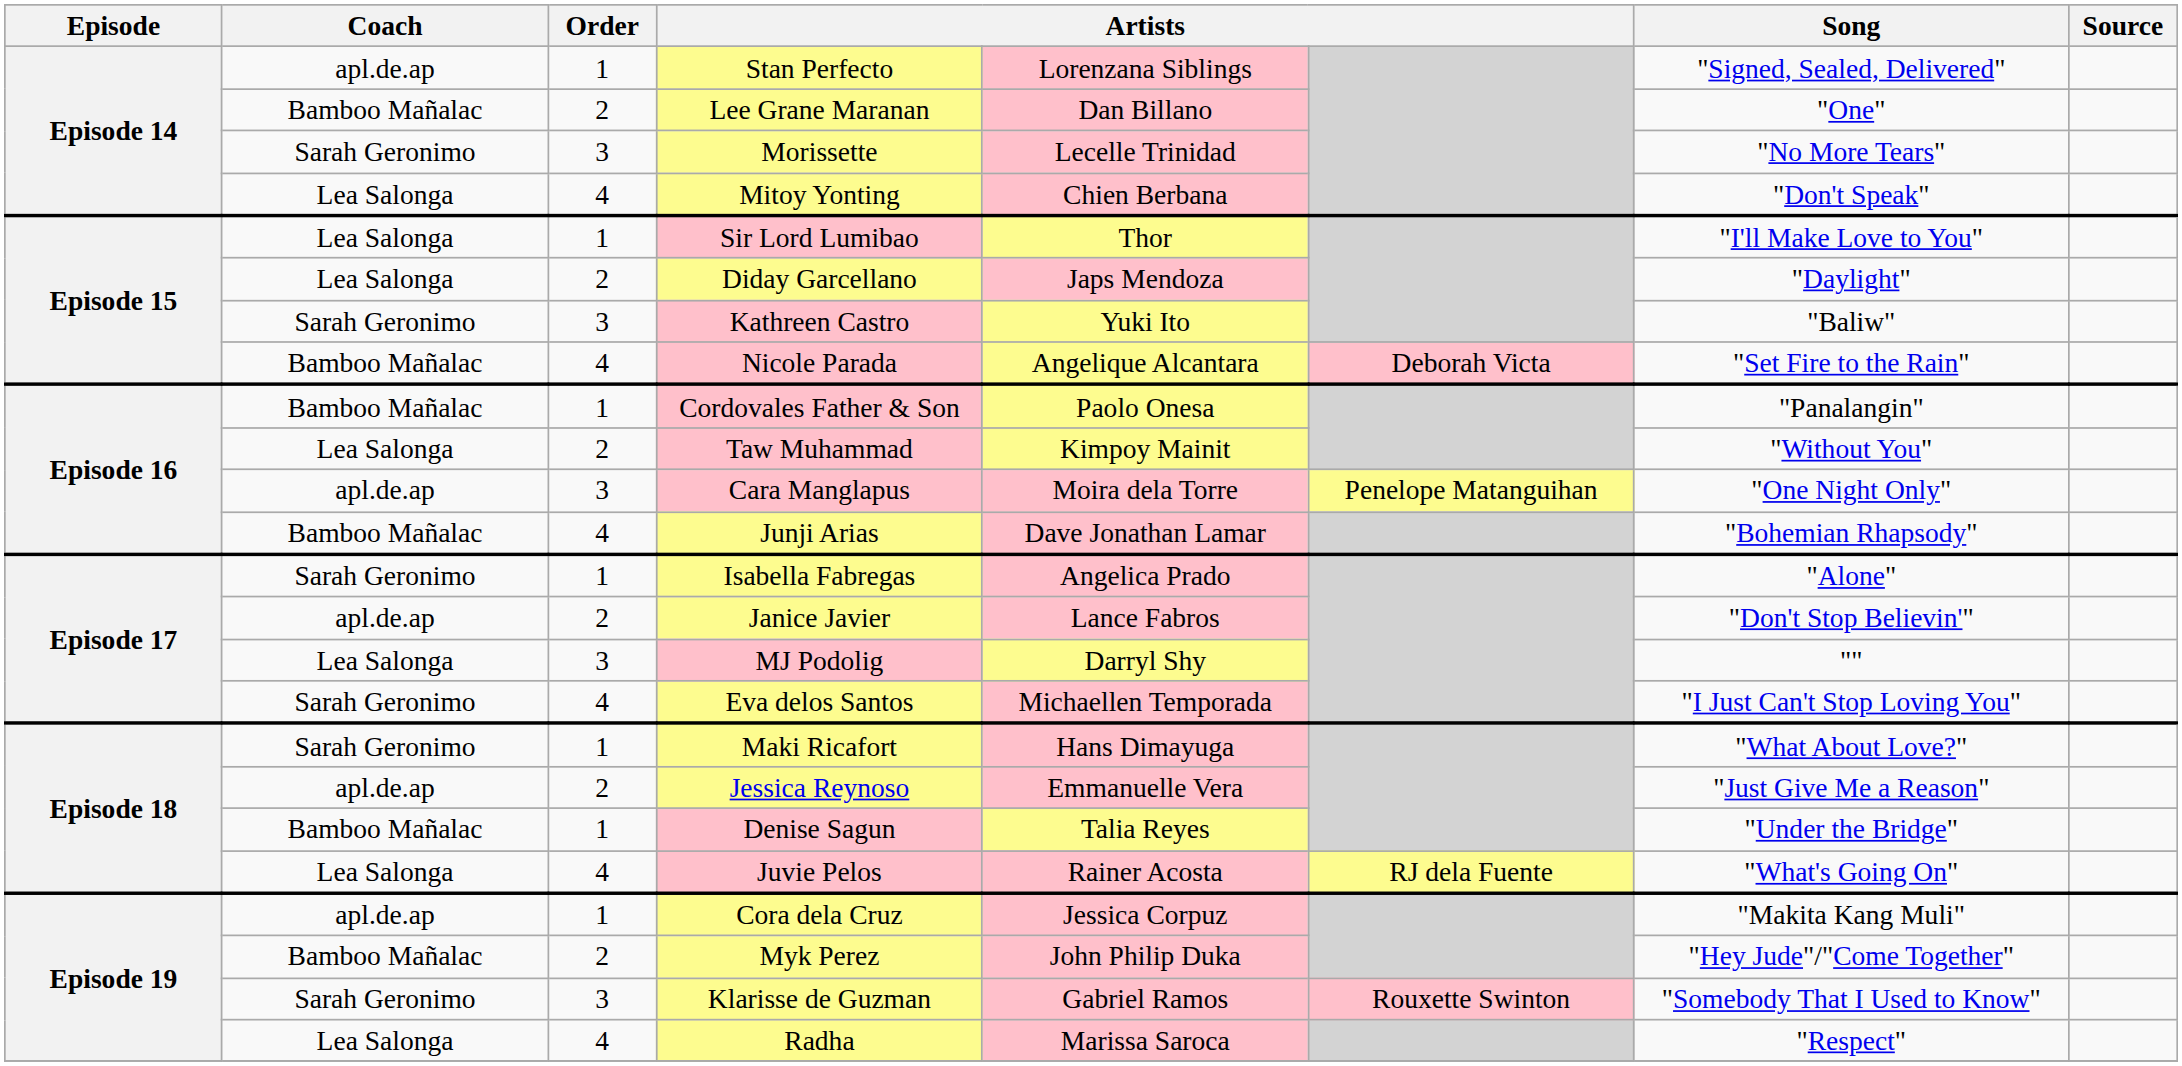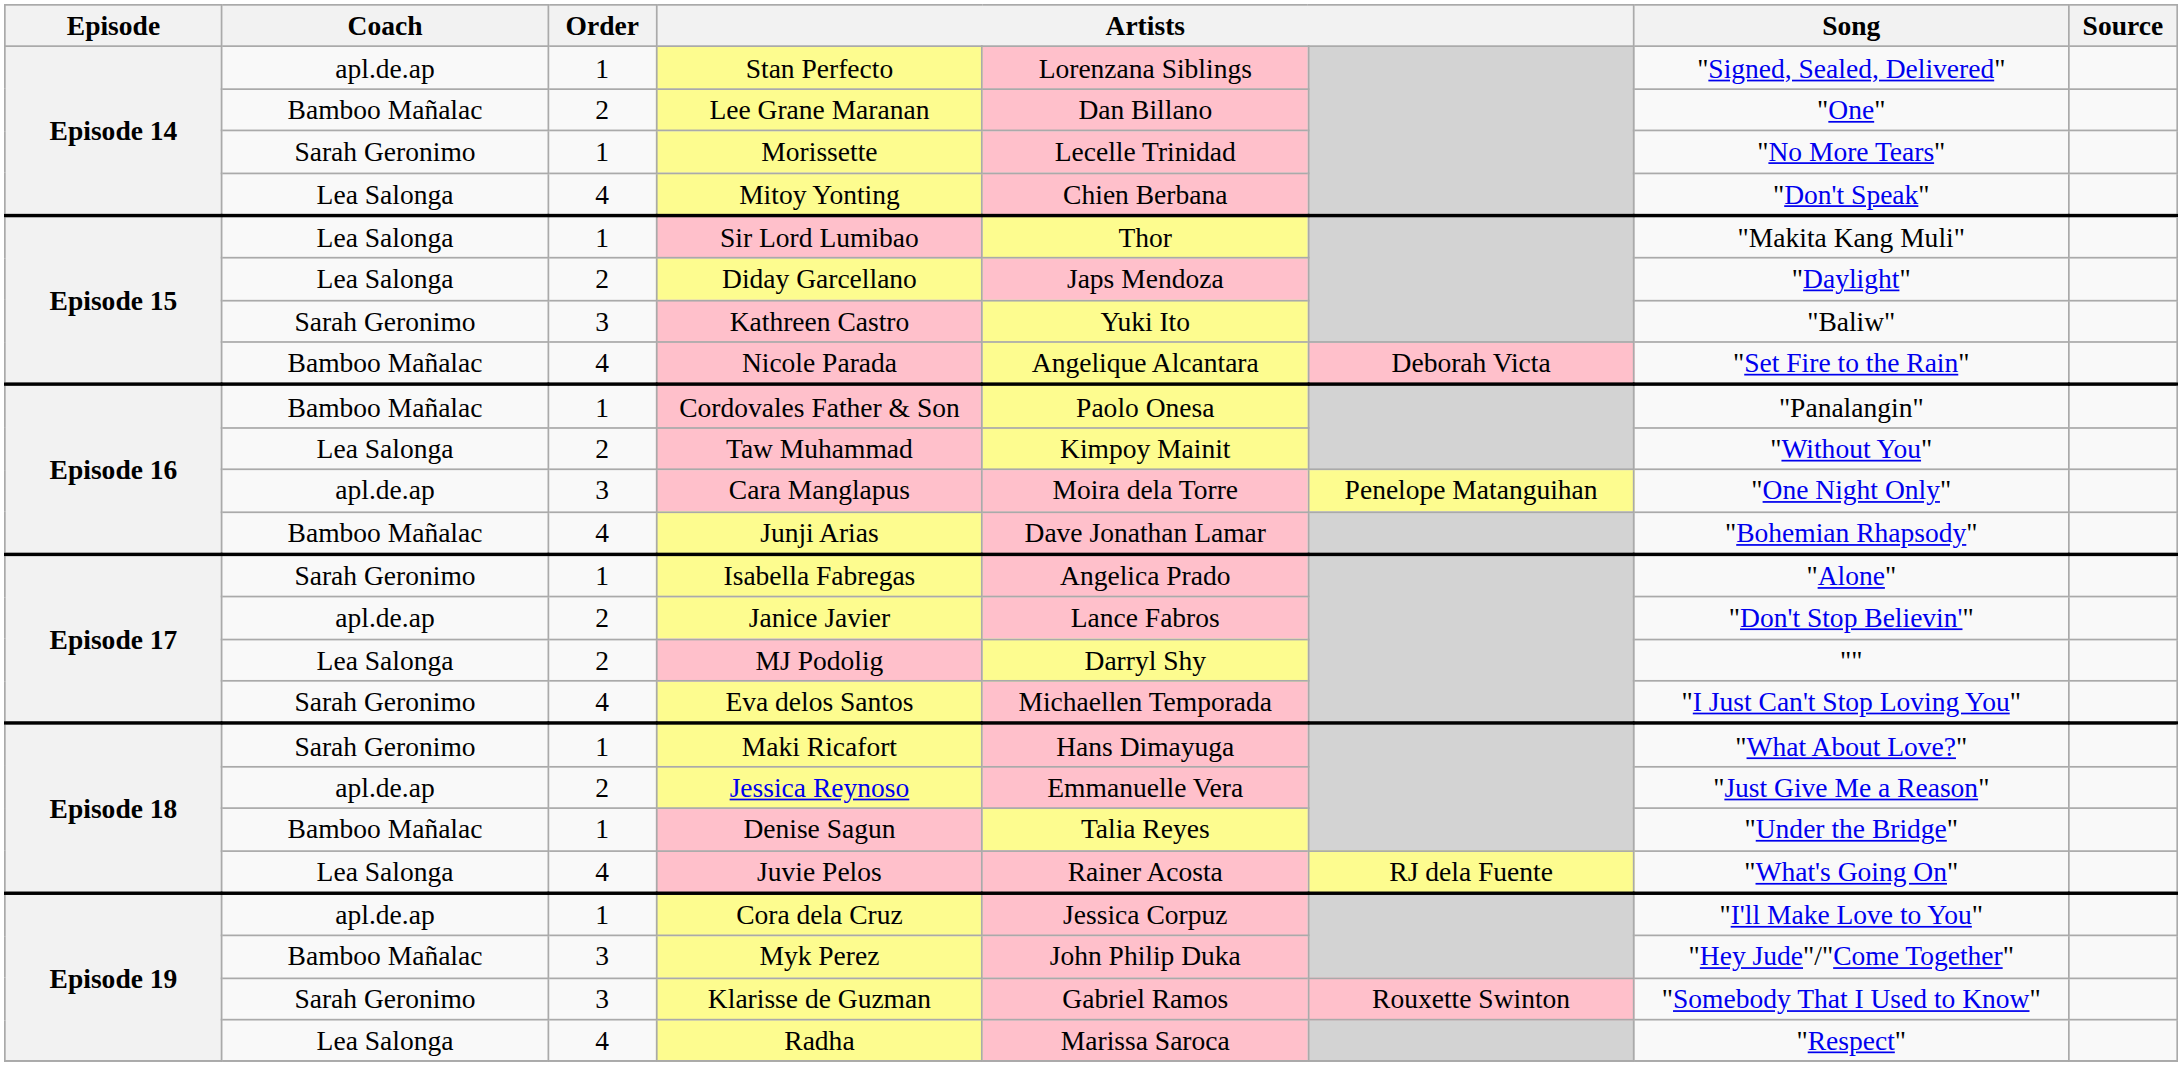 <table class="wikitable" style="text-align:center; line-height:17px; width:100%;">
 <tr>
 <th width="10%">Episode</th>
 <th width="15%">Coach</th>
 <th width="05%">Order</th>
 <th colspan="3" width="45%">Artists</th>
 <th width="20%">Song</th>
 <th width="05%">Source</th>
 </tr>
 <tr>
 <th rowspan="4">Episode 14<br><small></small></th>
 <td>apl.de.ap</td>
 <td>1</td>
 <td style="width:15%; background:#fdfc8f;">Stan Perfecto</td>
 <td style="width:15%; background:pink;">Lorenzana Siblings</td>
 <td rowspan="4" style="background:lightgrey;"></td>
 <td>"<a href='#'>Signed, Sealed, Delivered</a>"</td>
 <td></td>
 </tr>
 <tr>
 <td>Bamboo Mañalac</td>
 <td>2</td>
 <td style="background:#fdfc8f;">Lee Grane Maranan</td>
 <td style="background:pink;">Dan Billano</td>
 <td>"<a href='#'>One</a>"</td>
 <td></td>
 </tr>
 <tr>
 <td>Sarah Geronimo</td>
-<td>3</td>
+<td>1</td>
 <td style="background:#fdfc8f;">Morissette</td>
 <td style="background:pink;">Lecelle Trinidad</td>
 <td>"<a href='#'>No More Tears</a>"</td>
 <td></td>
 </tr>
 <tr>
 <td>Lea Salonga</td>
 <td>4</td>
 <td style="background:#fdfc8f;">Mitoy Yonting</td>
 <td style="background:pink;">Chien Berbana</td>
 <td>"<a href='#'>Don't Speak</a>"</td>
 <td></td>
 </tr>
 <tr style="border-top: 2px solid;”">
 <th rowspan="4">Episode 15<br><small></small></th>
 <td>Lea Salonga</td>
 <td>1</td>
 <td style="background:pink;">Sir Lord Lumibao</td>
 <td style="background:#fdfc8f;">Thor</td>
 <td rowspan="3" style="background:lightgrey;"></td>
-<td>"<a href='#'>I'll Make Love to You</a>"</td>
+<td>"Makita Kang Muli"</td>
 <td></td>
 </tr>
 <tr>
 <td>Lea Salonga</td>
 <td>2</td>
 <td style="background:#fdfc8f;">Diday Garcellano</td>
 <td style="background:pink;">Japs Mendoza</td>
 <td>"<a href='#'>Daylight</a>"</td>
 <td></td>
 </tr>
 <tr>
 <td>Sarah Geronimo</td>
 <td>3</td>
 <td style="background:pink;">Kathreen Castro</td>
 <td style="background:#fdfc8f;">Yuki Ito</td>
 <td>"Baliw"</td>
 <td></td>
 </tr>
 <tr>
 <td>Bamboo Mañalac</td>
 <td>4</td>
 <td style="background:pink;">Nicole Parada</td>
 <td style="background:#fdfc8f;">Angelique Alcantara</td>
 <td style="background:pink;">Deborah Victa</td>
 <td>"<a href='#'>Set Fire to the Rain</a>"</td>
 <td></td>
 </tr>
 <tr style="border-top: 2px solid;”">
 <th rowspan="4">Episode 16<br><small></small></th>
 <td>Bamboo Mañalac</td>
 <td>1</td>
 <td style="background:pink;">Cordovales Father & Son</td>
 <td style="background:#fdfc8f;">Paolo Onesa</td>
 <td rowspan="2" style="background:lightgrey;"></td>
 <td>"Panalangin"</td>
 <td></td>
 </tr>
 <tr>
 <td>Lea Salonga</td>
 <td>2</td>
 <td style="background:pink;">Taw Muhammad</td>
 <td style="background:#fdfc8f;">Kimpoy Mainit</td>
 <td>"<a href='#'>Without You</a>"</td>
 <td></td>
 </tr>
 <tr>
 <td>apl.de.ap</td>
 <td>3</td>
 <td style="background:pink;">Cara Manglapus</td>
 <td style="background:pink;">Moira dela Torre</td>
 <td style="background:#fdfc8f;">Penelope Matanguihan</td>
 <td>"<a href='#'>One Night Only</a>"</td>
 <td></td>
 </tr>
 <tr>
 <td>Bamboo Mañalac</td>
 <td>4</td>
 <td style="background:#fdfc8f;">Junji Arias</td>
 <td style="background:pink;">Dave Jonathan Lamar</td>
 <td style="background:lightgrey;"></td>
 <td>"<a href='#'>Bohemian Rhapsody</a>"</td>
 <td></td>
 </tr>
 <tr style="border-top: 2px solid;”">
 <th rowspan="4">Episode 17<br><small></small></th>
 <td>Sarah Geronimo</td>
 <td>1</td>
 <td style="background:#fdfc8f;">Isabella Fabregas</td>
 <td style="background:pink;">Angelica Prado</td>
 <td rowspan="4" style="background:lightgrey;"></td>
 <td>"<a href='#'>Alone</a>"</td>
 <td></td>
 </tr>
 <tr>
 <td>apl.de.ap</td>
 <td>2</td>
 <td style="background:#fdfc8f;">Janice Javier</td>
 <td style="background:pink;">Lance Fabros</td>
 <td>"<a href='#'>Don't Stop Believin'</a>"</td>
 <td></td>
 </tr>
 <tr>
 <td>Lea Salonga</td>
-<td>3</td>
+<td>2</td>
 <td style="background:pink;">MJ Podolig</td>
 <td style="background:#fdfc8f;">Darryl Shy</td>
 <td>""</td>
 <td></td>
 </tr>
 <tr>
 <td>Sarah Geronimo</td>
 <td>4</td>
 <td style="background:#fdfc8f;">Eva delos Santos</td>
 <td style="background:pink;">Michaellen Temporada</td>
 <td>"<a href='#'>I Just Can't Stop Loving You</a>"</td>
 <td></td>
 </tr>
 <tr style="border-top: 2px solid;”">
 <th rowspan="4">Episode 18<br><small></small></th>
 <td>Sarah Geronimo</td>
 <td>1</td>
 <td style="background:#fdfc8f;">Maki Ricafort</td>
 <td style="background:pink;">Hans Dimayuga</td>
 <td rowspan="3" style="background:lightgrey;"></td>
 <td>"<a href='#'>What About Love?</a>"</td>
 <td></td>
 </tr>
 <tr>
 <td>apl.de.ap</td>
 <td>2</td>
 <td style="background:#fdfc8f;"><a href='#'>Jessica Reynoso</a></td>
 <td style="background:pink;">Emmanuelle Vera</td>
 <td>"<a href='#'>Just Give Me a Reason</a>"</td>
 <td></td>
 </tr>
 <tr>
 <td>Bamboo Mañalac</td>
 <td>1</td>
 <td style="background:pink;">Denise Sagun</td>
 <td style="background:#fdfc8f;">Talia Reyes</td>
 <td>"<a href='#'>Under the Bridge</a>"</td>
 <td></td>
 </tr>
 <tr>
 <td>Lea Salonga</td>
 <td>4</td>
 <td style="background:pink;">Juvie Pelos</td>
 <td style="background:pink;">Rainer Acosta</td>
 <td style="background:#fdfc8f;">RJ dela Fuente</td>
 <td>"<a href='#'>What's Going On</a>"</td>
 <td></td>
 </tr>
 <tr style="border-top: 2px solid;”">
 <th rowspan="4">Episode 19<br><small></small></th>
 <td>apl.de.ap</td>
 <td>1</td>
 <td style="background:#fdfc8f;">Cora dela Cruz</td>
 <td style="background:pink;">Jessica Corpuz</td>
 <td rowspan="2" style="background:lightgrey;"></td>
-<td>"Makita Kang Muli"</td>
+<td>"<a href='#'>I'll Make Love to You</a>"</td>
 <td></td>
 </tr>
 <tr>
 <td>Bamboo Mañalac</td>
-<td>2</td>
+<td>3</td>
 <td style="background:#fdfc8f;">Myk Perez</td>
 <td style="background:pink;">John Philip Duka</td>
 <td>"<a href='#'>Hey Jude</a>"/"<a href='#'>Come Together</a>"</td>
 <td></td>
 </tr>
 <tr>
 <td>Sarah Geronimo</td>
 <td>3</td>
 <td style="background:#fdfc8f;">Klarisse de Guzman</td>
 <td style="background:pink;">Gabriel Ramos</td>
 <td style="background:pink;">Rouxette Swinton</td>
 <td>"<a href='#'>Somebody That I Used to Know</a>"</td>
 <td></td>
 </tr>
 <tr>
 <td>Lea Salonga</td>
 <td>4</td>
 <td style="background:#fdfc8f;">Radha</td>
 <td style="background:pink;">Marissa Saroca</td>
 <td style="background:lightgrey;"></td>
 <td>"<a href='#'>Respect</a>"</td>
 <td></td>
 </tr>
 <tr>
 </tr>
 </table>
